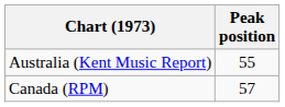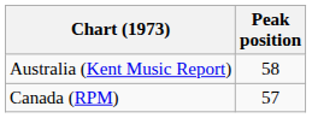 <table class="wikitable">
 <tr>
 <th scope="col">Chart (1973)</th>
 <th>Peak<br>position</th>
 </tr>
 <tr>
 <td>Australia (<a href='#'>Kent Music Report</a>)</td>
-<td style="text-align:center;">55</td>
+<td style="text-align:center;">58</td>
 </tr>
 <tr>
 <td>Canada (<a href='#'>RPM</a>)</td>
 <td style="text-align:center;">57</td>
 </tr>
 </table>
